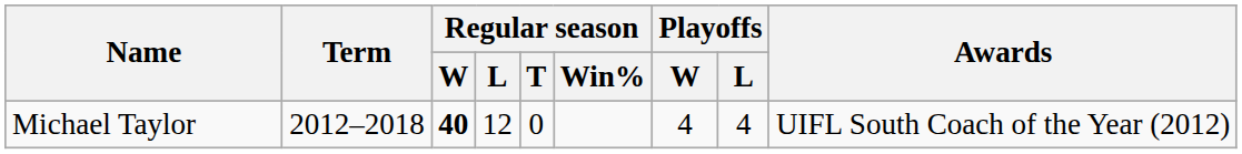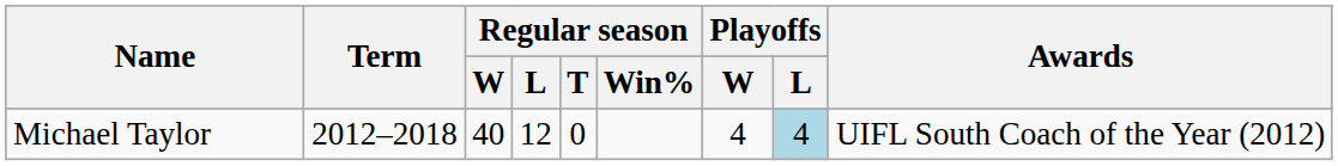 <table class="wikitable" style="text-align:center">
 <tr>
 <th rowspan="2" style="width:140px;">Name</th>
 <th rowspan="2">Term</th>
 <th colspan="4">Regular season</th>
 <th colspan="2">Playoffs</th>
 <th rowspan="2">Awards</th>
 </tr>
 <tr>
 <th>W</th>
 <th>L</th>
 <th>T</th>
 <th>Win%</th>
 <th>W</th>
 <th>L</th>
 </tr>
 <tr>
 <td align=left>Michael Taylor</td>
 <td>2012–2018</td>
-<td><strong>40</strong></td>
+<td>40</td>
 <td>12</td>
 <td>0</td>
 <td></td>
 <td>4</td>
-<td>4</td>
+<td style="background: lightblue;">4</td>
 <td align=left>UIFL South Coach of the Year (2012)</td>
 </tr>
 </table>
